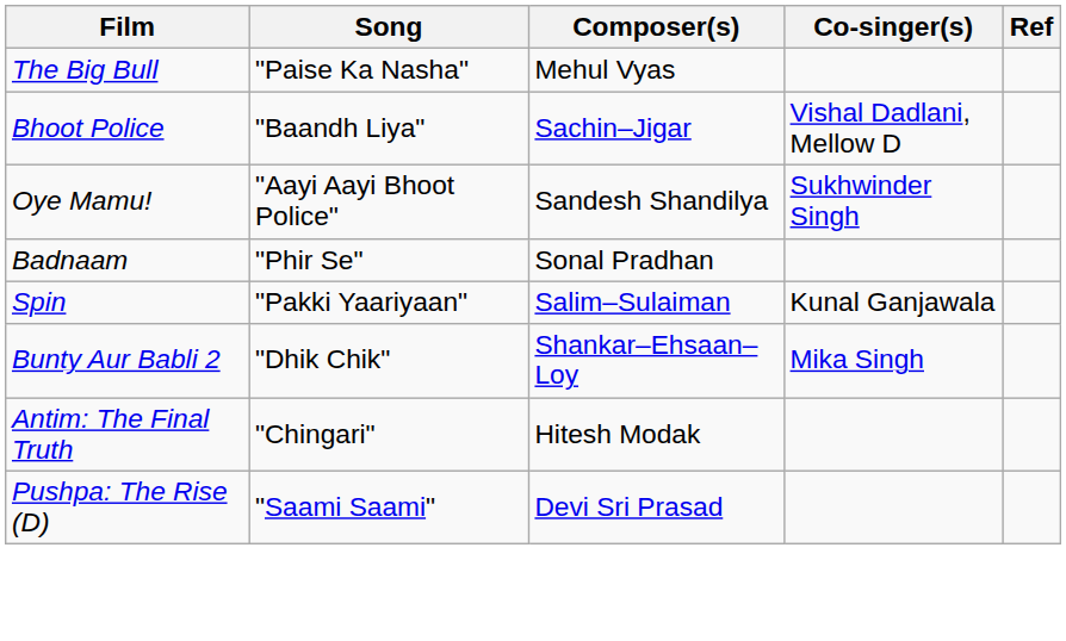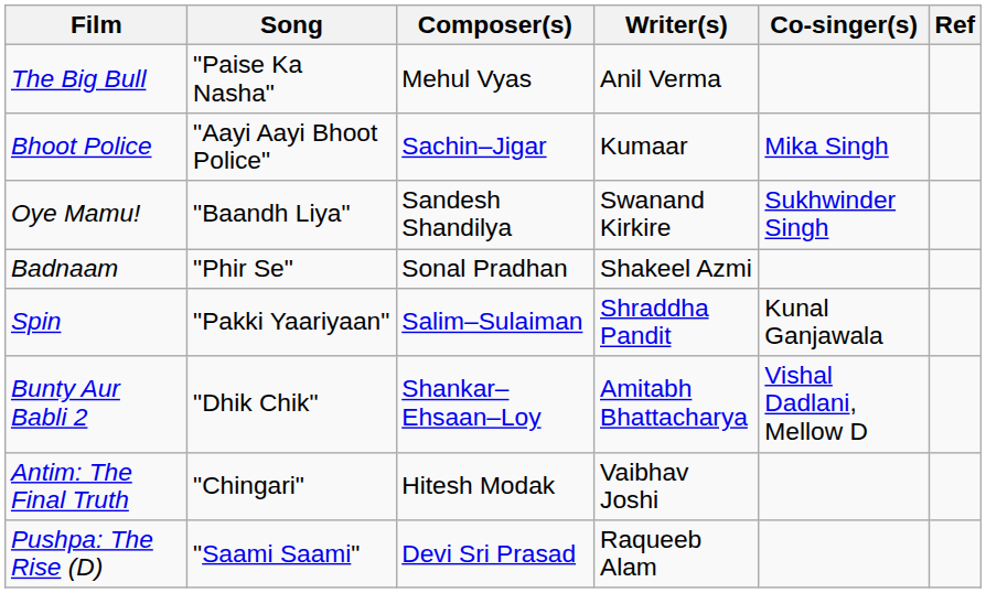 <table class="wikitable plainrowheaders" width="100%">
 <tr>
 <th width=20%>Film</th>
 <th width=23%>Song</th>
 <th width=21%>Composer(s)</th>
+<th width=17%>Writer(s)</th>
 <th width=18%>Co-singer(s)</th>
 <th width=1%>Ref</th>
 </tr>
 <tr>
 <td><em><a href='#'>The Big Bull</a></em></td>
 <td>"Paise Ka Nasha"</td>
 <td>Mehul Vyas</td>
+<td>Anil Verma</td>
 <td></td>
 <td></td>
 </tr>
 <tr>
 <td><em><a href='#'>Bhoot Police</a></em></td>
-<td>"Baandh Liya"</td>
+<td>"Aayi Aayi Bhoot Police"</td>
 <td><a href='#'>Sachin–Jigar</a></td>
-<td><a href='#'>Vishal Dadlani</a>, Mellow D</td>
+<td>Kumaar</td>
+<td><a href='#'>Mika Singh</a></td>
 <td></td>
 </tr>
 <tr>
 <td><em>Oye Mamu!</em></td>
-<td>"Aayi Aayi Bhoot Police"</td>
+<td>"Baandh Liya"</td>
 <td>Sandesh Shandilya</td>
+<td>Swanand Kirkire</td>
 <td><a href='#'>Sukhwinder Singh</a></td>
 <td></td>
 </tr>
 <tr>
 <td><em>Badnaam</em></td>
 <td>"Phir Se"</td>
 <td>Sonal Pradhan</td>
+<td>Shakeel Azmi</td>
 <td></td>
 <td></td>
 </tr>
 <tr>
 <td><em><a href='#'>Spin</a></em></td>
 <td>"Pakki Yaariyaan"</td>
 <td><a href='#'>Salim–Sulaiman</a></td>
+<td><a href='#'>Shraddha Pandit</a></td>
 <td>Kunal Ganjawala</td>
 <td></td>
 </tr>
 <tr>
 <td><em><a href='#'>Bunty Aur Babli 2</a></em></td>
 <td>"Dhik Chik"</td>
 <td><a href='#'>Shankar–Ehsaan–Loy</a></td>
-<td><a href='#'>Mika Singh</a></td>
+<td><a href='#'>Amitabh Bhattacharya</a></td>
+<td><a href='#'>Vishal Dadlani</a>, Mellow D</td>
 <td></td>
 </tr>
 <tr>
 <td><em><a href='#'>Antim: The Final Truth</a></em></td>
 <td>"Chingari"</td>
 <td>Hitesh Modak</td>
+<td>Vaibhav Joshi</td>
 <td></td>
 <td></td>
 </tr>
 <tr>
 <td><em><a href='#'>Pushpa: The Rise</a> (D)</em></td>
 <td>"<a href='#'>Saami Saami</a>"</td>
 <td><a href='#'>Devi Sri Prasad</a></td>
+<td>Raqueeb Alam</td>
 <td></td>
 <td></td>
 </tr>
 </table>
